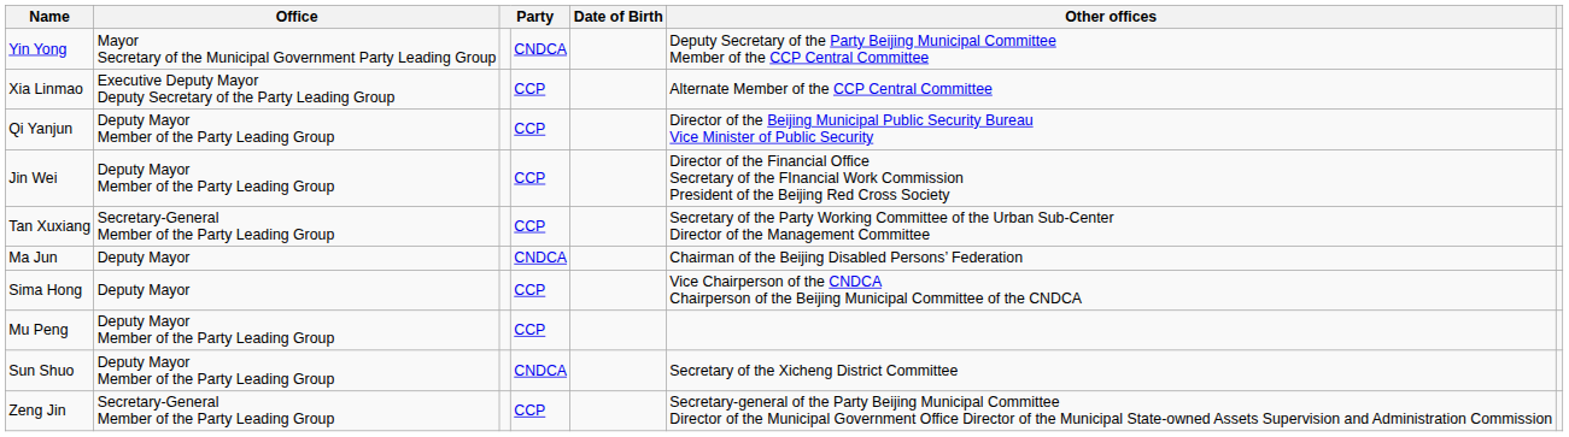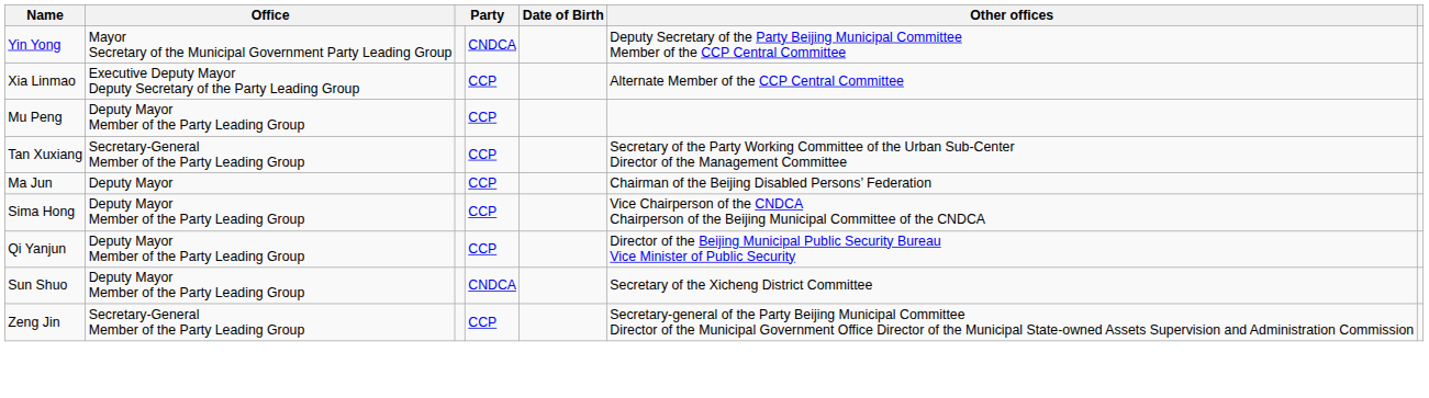 <table class="wikitable">
 <tr>
 <th>Name</th>
 <th>Office</th>
 <th colspan="2">Party</th>
 <th>Date of Birth</th>
 <th>Other offices</th>
 <th></th>
 </tr>
 <tr>
 <td><a href='#'>Yin Yong</a></td>
 <td>Mayor<br>Secretary of the Municipal Government Party Leading Group</td>
 <td style="background:"> </td>
 <td><a href='#'>CNDCA</a></td>
 <td></td>
 <td>Deputy Secretary of the <a href='#'>Party Beijing Municipal Committee</a><br>Member of the <a href='#'>CCP Central Committee</a></td>
 <td></td>
 </tr>
 <tr>
 <td>Xia Linmao</td>
 <td>Executive Deputy Mayor<br>Deputy Secretary of the Party Leading Group</td>
 <td style="background:"> </td>
 <td><a href='#'>CCP</a></td>
 <td></td>
 <td>Alternate Member of the <a href='#'>CCP Central Committee</a></td>
 <td></td>
 </tr>
 <tr>
-<td>Qi Yanjun</td>
+<td>Mu Peng</td>
 <td>Deputy Mayor<br>Member of the Party Leading Group</td>
 <td style="background:"> </td>
 <td><a href='#'>CCP</a></td>
 <td></td>
-<td>Director of the <a href='#'>Beijing Municipal Public Security Bureau</a><br><a href='#'>Vice Minister of Public Security</a></td>
 <td></td>
-</tr>
-<tr>
-<td>Jin Wei</td>
-<td>Deputy Mayor<br>Member of the Party Leading Group</td>
-<td style="background:"> </td>
-<td><a href='#'>CCP</a></td>
-<td></td>
-<td>Director of the Financial Office<br>Secretary of the FInancial Work Commission<br>President of the Beijing Red Cross Society</td>
 <td></td>
 </tr>
 <tr>
 <td>Tan Xuxiang</td>
 <td>Secretary-General<br>Member of the Party Leading Group</td>
 <td style="background:"> </td>
 <td><a href='#'>CCP</a></td>
 <td></td>
 <td>Secretary of the Party Working Committee of the Urban Sub-Center<br>Director of the Management Committee</td>
 <td></td>
 </tr>
 <tr>
 <td>Ma Jun</td>
 <td>Deputy Mayor</td>
 <td style="background:"> </td>
-<td><a href='#'>CNDCA</a></td>
+<td><a href='#'>CCP</a></td>
 <td></td>
 <td>Chairman of the Beijing Disabled Persons’ Federation</td>
 <td></td>
 </tr>
 <tr>
 <td>Sima Hong</td>
-<td>Deputy Mayor</td>
+<td>Deputy Mayor<br>Member of the Party Leading Group</td>
 <td style="background:"> </td>
 <td><a href='#'>CCP</a></td>
 <td></td>
 <td>Vice Chairperson of the <a href='#'>CNDCA</a><br>Chairperson of the Beijing Municipal Committee of the CNDCA</td>
 <td></td>
 </tr>
 <tr>
-<td>Mu Peng</td>
+<td>Qi Yanjun</td>
 <td>Deputy Mayor<br>Member of the Party Leading Group</td>
 <td style="background:"> </td>
 <td><a href='#'>CCP</a></td>
 <td></td>
-<td></td>
+<td>Director of the <a href='#'>Beijing Municipal Public Security Bureau</a><br><a href='#'>Vice Minister of Public Security</a></td>
 <td></td>
 </tr>
 <tr>
 <td>Sun Shuo</td>
 <td>Deputy Mayor<br>Member of the Party Leading Group</td>
 <td style="background:"> </td>
 <td><a href='#'>CNDCA</a></td>
 <td></td>
 <td>Secretary of the Xicheng District Committee</td>
 <td></td>
 </tr>
 <tr>
 <td>Zeng Jin</td>
 <td>Secretary-General<br>Member of the Party Leading Group</td>
 <td style="background:"> </td>
 <td><a href='#'>CCP</a></td>
 <td></td>
 <td>Secretary-general of the Party Beijing Municipal Committee<br>Director of the Municipal Government Office Director of the Municipal State-owned Assets Supervision and Administration Commission</td>
 <td></td>
 </tr>
 </table>
